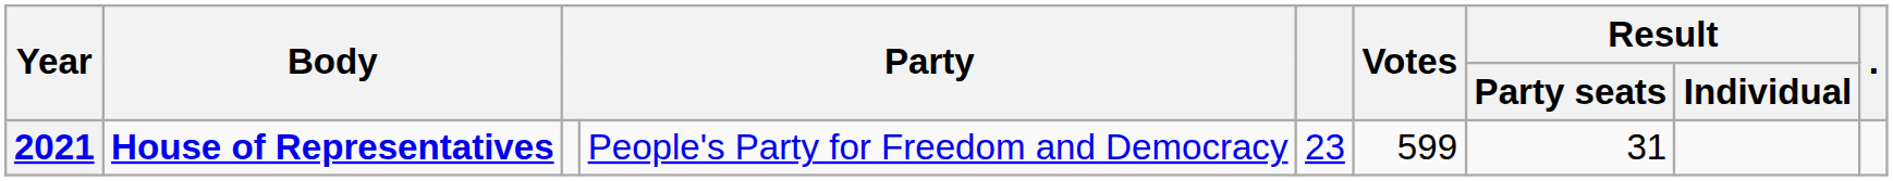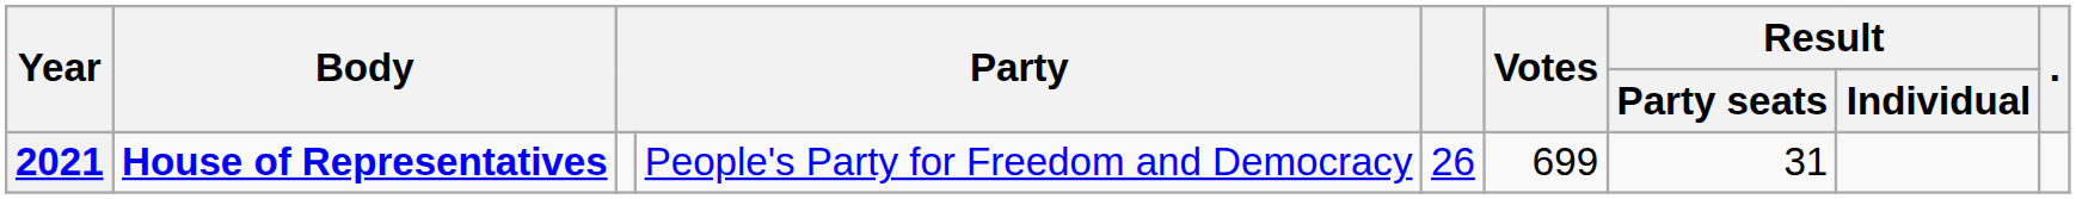 <table class="wikitable plainrowheaders sortable" border=2 cellpadding=4 cellspacing=0 style="border: 1px #aaa solid; font-size: 90%; text-align:center;">
 <tr>
 <th scope="col" rowspan=2>Year</th>
 <th scope="col" rowspan=2>Body</th>
 <th scope="col" colspan=2 rowspan=2>Party</th>
 <th scope="col" rowspan=2></th>
 <th scope="col" rowspan=2>Votes</th>
 <th scope="colgroup" colspan=2>Result</th>
 <th scope="col" rowspan=2 class="unsortable">.</th>
 </tr>
 <tr>
 <th scope="col">Party seats</th>
 <th scope="col">Individual</th>
 </tr>
 <tr>
 <th scope="row"><a href='#'>2021</a></th>
 <td><strong><a href='#'>House of Representatives</a></strong></td>
 <td style="background-color:"></td>
 <td><a href='#'>People's Party for Freedom and Democracy</a></td>
-<td style=text-align:right><a href='#'>23</a></td>
-<td style=text-align:right>599</td>
+<td style=text-align:right><a href='#'>26</a></td>
+<td style=text-align:right>699</td>
 <td style=text-align:right>31</td>
 <td></td>
 <td></td>
 </tr>
 </table>
